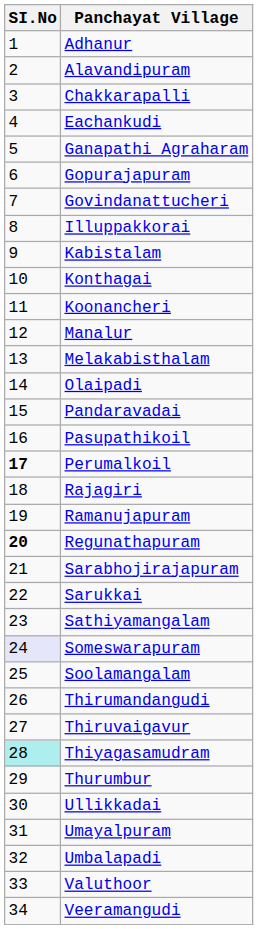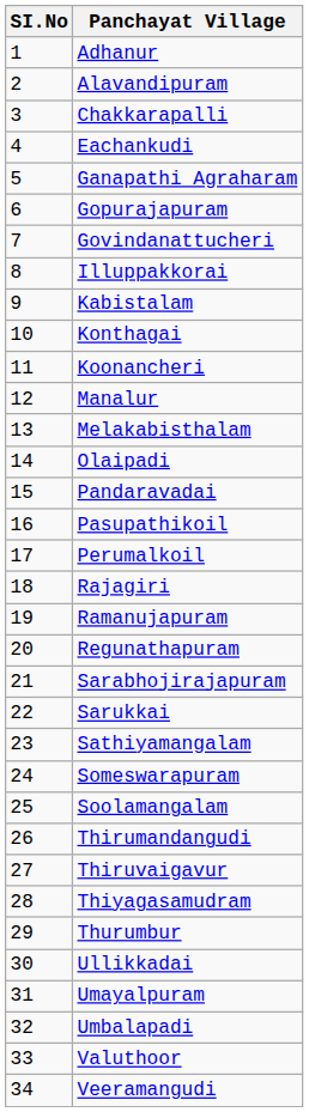 <table class="wikitable sortable">
 <tr>
 <th>SI.No</th>
 <th>Panchayat Village</th>
 </tr>
 <tr>
 <td>1</td>
 <td><a href='#'>Adhanur</a></td>
 </tr>
 <tr>
 <td>2</td>
 <td><a href='#'>Alavandipuram</a></td>
 </tr>
 <tr>
 <td>3</td>
 <td><a href='#'>Chakkarapalli</a></td>
 </tr>
 <tr>
 <td>4</td>
 <td><a href='#'>Eachankudi</a></td>
 </tr>
 <tr>
 <td>5</td>
 <td><a href='#'>Ganapathi Agraharam</a></td>
 </tr>
 <tr>
 <td>6</td>
 <td><a href='#'>Gopurajapuram</a></td>
 </tr>
 <tr>
 <td>7</td>
 <td><a href='#'>Govindanattucheri</a></td>
 </tr>
 <tr>
 <td>8</td>
 <td><a href='#'>Illuppakkorai</a></td>
 </tr>
 <tr>
 <td>9</td>
 <td><a href='#'>Kabistalam</a></td>
 </tr>
 <tr>
 <td>10</td>
 <td><a href='#'>Konthagai</a></td>
 </tr>
 <tr>
 <td>11</td>
 <td><a href='#'>Koonancheri</a></td>
 </tr>
 <tr>
 <td>12</td>
 <td><a href='#'>Manalur</a></td>
 </tr>
 <tr>
 <td>13</td>
 <td><a href='#'>Melakabisthalam</a></td>
 </tr>
 <tr>
 <td>14</td>
 <td><a href='#'>Olaipadi</a></td>
 </tr>
 <tr>
 <td>15</td>
 <td><a href='#'>Pandaravadai</a></td>
 </tr>
 <tr>
 <td>16</td>
 <td><a href='#'>Pasupathikoil</a></td>
 </tr>
 <tr>
-<td><strong>17</strong></td>
+<td>17</td>
 <td><a href='#'>Perumalkoil</a></td>
 </tr>
 <tr>
 <td>18</td>
 <td><a href='#'>Rajagiri</a></td>
 </tr>
 <tr>
 <td>19</td>
 <td><a href='#'>Ramanujapuram</a></td>
 </tr>
 <tr>
-<td><strong>20</strong></td>
+<td>20</td>
 <td><a href='#'>Regunathapuram</a></td>
 </tr>
 <tr>
 <td>21</td>
 <td><a href='#'>Sarabhojirajapuram</a></td>
 </tr>
 <tr>
 <td>22</td>
 <td><a href='#'>Sarukkai</a></td>
 </tr>
 <tr>
 <td>23</td>
 <td><a href='#'>Sathiyamangalam</a></td>
 </tr>
 <tr>
-<td style="background: lavender;">24</td>
+<td>24</td>
 <td><a href='#'>Someswarapuram</a></td>
 </tr>
 <tr>
 <td>25</td>
 <td><a href='#'>Soolamangalam</a></td>
 </tr>
 <tr>
 <td>26</td>
 <td><a href='#'>Thirumandangudi</a></td>
 </tr>
 <tr>
 <td>27</td>
 <td><a href='#'>Thiruvaigavur</a></td>
 </tr>
 <tr>
-<td style="background: paleturquoise;">28</td>
+<td>28</td>
 <td><a href='#'>Thiyagasamudram</a></td>
 </tr>
 <tr>
 <td>29</td>
 <td><a href='#'>Thurumbur</a></td>
 </tr>
 <tr>
 <td>30</td>
 <td><a href='#'>Ullikkadai</a></td>
 </tr>
 <tr>
 <td>31</td>
 <td><a href='#'>Umayalpuram</a></td>
 </tr>
 <tr>
 <td>32</td>
 <td><a href='#'>Umbalapadi</a></td>
 </tr>
 <tr>
 <td>33</td>
 <td><a href='#'>Valuthoor</a></td>
 </tr>
 <tr>
 <td>34</td>
 <td><a href='#'>Veeramangudi</a></td>
 </tr>
 </table>
